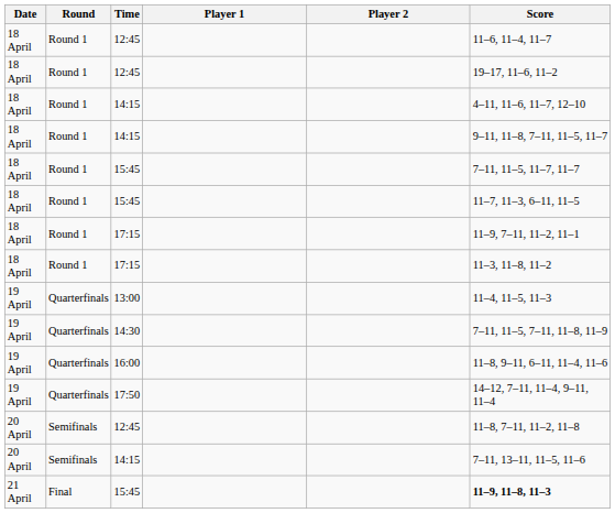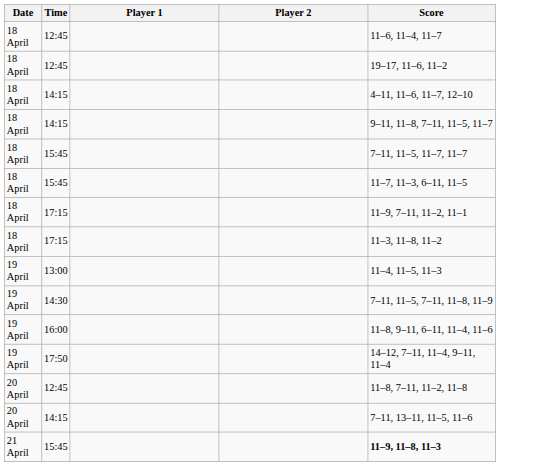 <table class="sortable wikitable" style="font-size:90%">
 <tr>
 <th width="45" class="unsortable">Date</th>
-<th width="55">Round</th>
 <th width="30">Time</th>
 <th width="200">Player 1</th>
 <th width="200">Player 2</th>
 <th width="170" class="unsortable">Score</th>
 </tr>
 <tr>
 <td>18 April</td>
-<td>Round 1</td>
 <td>12:45</td>
 <td><strong></strong></td>
 <td></td>
 <td>11–6, 11–4, 11–7</td>
 </tr>
 <tr>
 <td>18 April</td>
-<td>Round 1</td>
 <td>12:45</td>
 <td></td>
 <td><strong></strong></td>
 <td>19–17, 11–6, 11–2</td>
 </tr>
 <tr>
 <td>18 April</td>
-<td>Round 1</td>
 <td>14:15</td>
 <td></td>
 <td><strong></strong></td>
 <td>4–11, 11–6, 11–7, 12–10</td>
 </tr>
 <tr>
 <td>18 April</td>
-<td>Round 1</td>
 <td>14:15</td>
 <td><strong></strong></td>
 <td></td>
 <td>9–11, 11–8, 7–11, 11–5, 11–7</td>
 </tr>
 <tr>
 <td>18 April</td>
-<td>Round 1</td>
 <td>15:45</td>
 <td><strong></strong></td>
 <td></td>
 <td>7–11, 11–5, 11–7, 11–7</td>
 </tr>
 <tr>
 <td>18 April</td>
-<td>Round 1</td>
 <td>15:45</td>
 <td></td>
 <td><strong></strong></td>
 <td>11–7, 11–3, 6–11, 11–5</td>
 </tr>
 <tr>
 <td>18 April</td>
-<td>Round 1</td>
 <td>17:15</td>
 <td><strong></strong></td>
 <td></td>
 <td>11–9, 7–11, 11–2, 11–1</td>
 </tr>
 <tr>
 <td>18 April</td>
-<td>Round 1</td>
 <td>17:15</td>
 <td></td>
 <td><strong></strong></td>
 <td>11–3, 11–8, 11–2</td>
 </tr>
 <tr>
 <td>19 April</td>
-<td>Quarterfinals</td>
 <td>13:00</td>
 <td><strong></strong></td>
 <td></td>
 <td>11–4, 11–5, 11–3</td>
 </tr>
 <tr>
 <td>19 April</td>
-<td>Quarterfinals</td>
 <td>14:30</td>
 <td><strong></strong></td>
 <td></td>
 <td>7–11, 11–5, 7–11, 11–8, 11–9</td>
 </tr>
 <tr>
 <td>19 April</td>
-<td>Quarterfinals</td>
 <td>16:00</td>
 <td><strong></strong></td>
 <td></td>
 <td>11–8, 9–11, 6–11, 11–4, 11–6</td>
 </tr>
 <tr>
 <td>19 April</td>
-<td>Quarterfinals</td>
 <td>17:50</td>
 <td></td>
 <td><strong></strong></td>
 <td>14–12, 7–11, 11–4, 9–11, 11–4</td>
 </tr>
 <tr>
 <td>20 April</td>
-<td>Semifinals</td>
 <td>12:45</td>
 <td><strong></strong></td>
 <td></td>
 <td>11–8, 7–11, 11–2, 11–8</td>
 </tr>
 <tr>
 <td>20 April</td>
-<td>Semifinals</td>
 <td>14:15</td>
 <td></td>
 <td><strong></strong></td>
 <td>7–11, 13–11, 11–5, 11–6</td>
 </tr>
 <tr>
 <td>21 April</td>
-<td>Final</td>
 <td>15:45</td>
 <td><strong></strong></td>
 <td></td>
 <td><strong>11–9, 11–8, 11–3</strong></td>
 </tr>
 </table>
